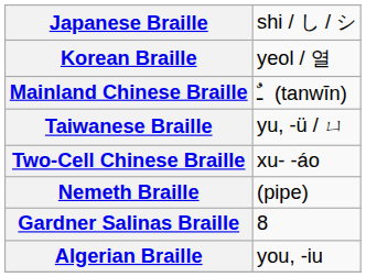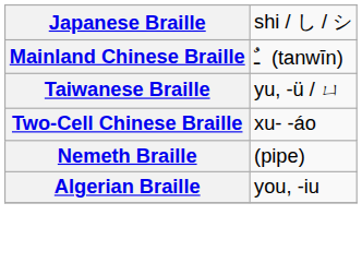 <table class="wikitable">
 <tr>
 <th align=left><a href='#'>Japanese Braille</a></th>
 <td>shi / し / シ </td>
-</tr>
-<tr>
-<th align=left><a href='#'>Korean Braille</a></th>
-<td>yeol / 열 </td>
 </tr>
 <tr>
 <th align=left><a href='#'>Mainland Chinese Braille</a></th>
 <td>ـٌ ‎ (tanwīn)</td>
 </tr>
 <tr>
 <th align=left><a href='#'>Taiwanese Braille</a></th>
 <td>yu, -ü / ㄩ</td>
 </tr>
 <tr>
 <th align=left><a href='#'>Two-Cell Chinese Braille</a></th>
 <td>xu- -áo</td>
 </tr>
 <tr>
 <th align=left><a href='#'>Nemeth Braille</a></th>
 <td> (pipe) </td>
 </tr>
 <tr>
-<th align=left><a href='#'>Gardner Salinas Braille</a></th>
-<td>8 </td>
-</tr>
-<tr>
 <th align=left><a href='#'>Algerian Braille</a></th>
 <td>you, -iu </td>
 </tr>
 <tr>
 </tr>
 </table>
